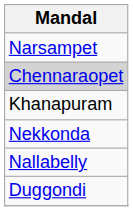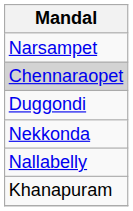 <table class="wikitable sortable static-row-numbers static-row-header-hash">
 <tr>
 <th>Mandal</th>
 </tr>
 <tr>
 <td><a href='#'>Narsampet</a></td>
 </tr>
 <tr>
 <td style="background: lightgrey;"><a href='#'>Chennaraopet</a></td>
 </tr>
 <tr>
-<td>Khanapuram</td>
+<td><a href='#'>Duggondi</a></td>
 </tr>
 <tr>
 <td><a href='#'>Nekkonda</a></td>
 </tr>
 <tr>
 <td><a href='#'>Nallabelly</a></td>
 </tr>
 <tr>
-<td><a href='#'>Duggondi</a></td>
+<td>Khanapuram</td>
 </tr>
 <tr>
 </tr>
 </table>
